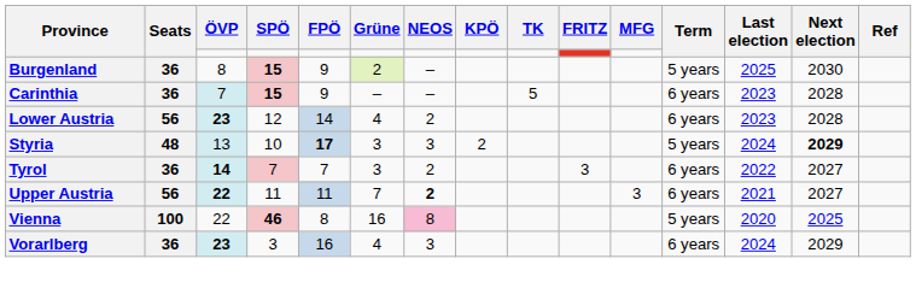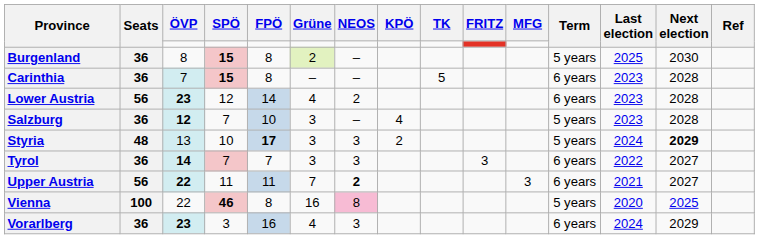 <table class=wikitable style="font-size:90%; text-align:center; line-height:16px">
 <tr style="height:40px">
 <th style="width:120px" rowspan=2>Province</th>
 <th style="width:40px" rowspan=2>Seats</th>
 <th style="width:40px"><a href='#'>ÖVP</a></th>
 <th style="width:40px"><a href='#'>SPÖ</a></th>
 <th style="width:40px"><a href='#'>FPÖ</a></th>
 <th style="width:40px"><a href='#'>Grüne</a></th>
 <th style="width:40px"><a href='#'>NEOS</a></th>
 <th style="width:40px"><a href='#'>KPÖ</a></th>
 <th style="width:40px"><a href='#'>TK</a></th>
 <th style="width:40px"><a href='#'>FRITZ</a></th>
 <th style="width:40px"><a href='#'>MFG</a></th>
 <th style="width:50px" rowspan=2>Term</th>
 <th style="width:50px" rowspan=2>Last<br>election</th>
 <th style="width:50px" rowspan=2>Next<br>election</th>
 <th style="width:40px" rowspan=2>Ref</th>
 </tr>
 <tr>
 <td bgcolor=></td>
 <td bgcolor=></td>
 <td bgcolor=></td>
 <td bgcolor=></td>
 <td bgcolor=></td>
 <td></td>
 <td></td>
 <td bgcolor=#E43226></td>
 <td bgcolor=></td>
 </tr>
 <tr>
 <th style=text-align:left><a href='#'>Burgenland</a></th>
 <th>36</th>
 <td>8</td>
 <td bgcolor=#F4C6C9><strong>15</strong></td>
-<td>9</td>
+<td>8</td>
 <td bgcolor=#E2F2C0>2</td>
 <td>–</td>
 <td></td>
 <td></td>
 <td></td>
 <td></td>
 <td>5 years</td>
 <td><a href='#'>2025</a></td>
 <td>2030</td>
 <td></td>
 </tr>
 <tr>
 <th style=text-align:left><a href='#'>Carinthia</a></th>
 <th>36</th>
 <td bgcolor=#D2EDF1>7</td>
 <td bgcolor=#F4C6C9><strong>15</strong></td>
-<td>9</td>
+<td>8</td>
 <td>–</td>
 <td>–</td>
 <td></td>
 <td>5</td>
 <td></td>
 <td></td>
 <td>6 years</td>
 <td><a href='#'>2023</a></td>
 <td>2028</td>
 <td></td>
 </tr>
 <tr>
 <th style=text-align:left><a href='#'>Lower Austria</a></th>
 <th>56</th>
 <td bgcolor=#D2EDF1><strong>23</strong></td>
 <td>12</td>
 <td bgcolor="#C6D9EA">14</td>
 <td>4</td>
 <td>2</td>
 <td></td>
 <td></td>
 <td></td>
 <td></td>
 <td>6 years</td>
 <td><a href='#'>2023</a></td>
 <td>2028</td>
 <td></td>
 </tr>
 <tr>
+<th style=text-align:left><a href='#'>Salzburg</a></th>
+<th>36</th>
+<td bgcolor=#D2EDF1><strong>12</strong></td>
+<td>7</td>
+<td bgcolor="#C6D9EA">10</td>
+<td>3</td>
+<td>–</td>
+<td>4</td>
+<td></td>
+<td></td>
+<td></td>
+<td>5 years</td>
+<td><a href='#'>2023</a></td>
+<td>2028</td>
+<td></td>
+</tr>
+<tr>
 <th style=text-align:left><a href='#'>Styria</a></th>
 <th>48</th>
 <td bgcolor=#D2EDF1>13</td>
 <td>10</td>
 <td bgcolor="#C6D9EA"><strong>17</strong></td>
 <td>3</td>
 <td>3</td>
 <td>2</td>
 <td></td>
 <td></td>
 <td></td>
 <td>5 years</td>
 <td><a href='#'>2024</a></td>
 <td><strong>2029</strong></td>
 <td></td>
 </tr>
 <tr>
 <th style=text-align:left><a href='#'>Tyrol</a></th>
 <th>36</th>
 <td bgcolor=#D2EDF1><strong>14</strong></td>
 <td bgcolor=#F4C6C9>7</td>
 <td>7</td>
 <td>3</td>
-<td>2</td>
+<td>3</td>
 <td></td>
 <td></td>
 <td>3</td>
 <td></td>
 <td>6 years</td>
 <td><a href='#'>2022</a></td>
 <td>2027</td>
 <td></td>
 </tr>
 <tr>
 <th style=text-align:left><a href='#'>Upper Austria</a></th>
 <th>56</th>
 <td bgcolor=#D2EDF1><strong>22</strong></td>
 <td>11</td>
 <td bgcolor=#C6D9EA>11</td>
 <td>7</td>
 <td><strong>2</strong></td>
 <td></td>
 <td></td>
 <td></td>
 <td>3</td>
 <td>6 years</td>
 <td><a href='#'>2021</a></td>
 <td>2027</td>
 <td></td>
 </tr>
 <tr>
 <th style=text-align:left><a href='#'>Vienna</a></th>
 <th>100</th>
 <td>22</td>
 <td bgcolor=#F4C6C9><strong>46</strong></td>
 <td>8</td>
 <td>16</td>
 <td bgcolor=#F7BBD4>8</td>
 <td></td>
 <td></td>
 <td></td>
 <td></td>
 <td>5 years</td>
 <td><a href='#'>2020</a></td>
 <td><a href='#'>2025</a></td>
 <td></td>
 </tr>
 <tr>
 <th style=text-align:left><a href='#'>Vorarlberg</a></th>
 <th>36</th>
 <td bgcolor=#D2EDF1><strong>23</strong></td>
 <td>3</td>
 <td bgcolor="#C6D9EA">16</td>
 <td>4</td>
 <td>3</td>
 <td></td>
 <td></td>
 <td></td>
 <td></td>
 <td>6 years</td>
 <td><a href='#'>2024</a></td>
 <td>2029</td>
 <td></td>
 </tr>
 </table>
